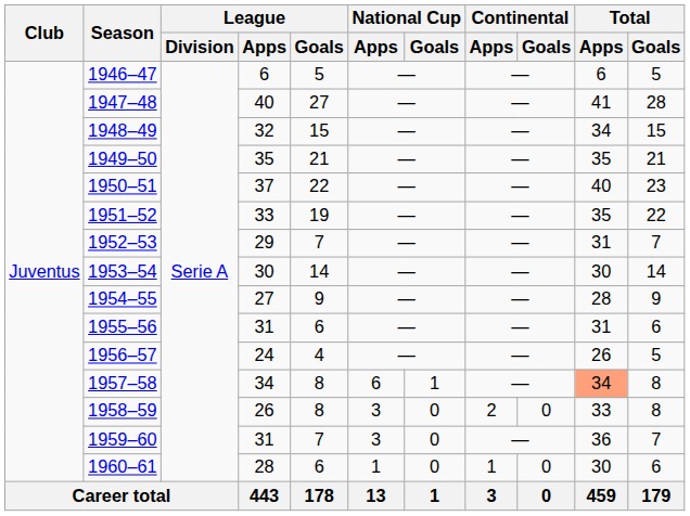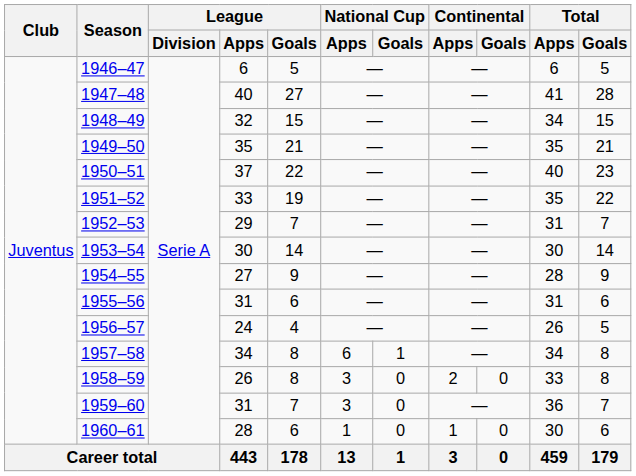 <table class="wikitable" style="text-align:center">
 <tr>
 <th rowspan="2">Club</th>
 <th rowspan="2">Season</th>
 <th colspan="3">League</th>
 <th colspan="2">National Cup</th>
 <th colspan="2">Continental</th>
 <th colspan="2">Total</th>
 </tr>
 <tr>
 <th>Division</th>
 <th>Apps</th>
 <th>Goals</th>
 <th>Apps</th>
 <th>Goals</th>
 <th>Apps</th>
 <th>Goals</th>
 <th>Apps</th>
 <th>Goals</th>
 </tr>
 <tr>
 <td rowspan="15"><a href='#'>Juventus</a></td>
 <td><a href='#'>1946–47</a></td>
 <td rowspan="15"><a href='#'>Serie A</a></td>
 <td>6</td>
 <td>5</td>
 <td colspan="2">—</td>
 <td colspan="2">—</td>
 <td>6</td>
 <td>5</td>
 </tr>
 <tr>
 <td><a href='#'>1947–48</a></td>
 <td>40</td>
 <td>27</td>
 <td colspan="2">—</td>
 <td colspan="2">—</td>
 <td>41</td>
 <td>28</td>
 </tr>
 <tr>
 <td><a href='#'>1948–49</a></td>
 <td>32</td>
 <td>15</td>
 <td colspan="2">—</td>
 <td colspan="2">—</td>
 <td>34</td>
 <td>15</td>
 </tr>
 <tr>
 <td><a href='#'>1949–50</a></td>
 <td>35</td>
 <td>21</td>
 <td colspan="2">—</td>
 <td colspan="2">—</td>
 <td>35</td>
 <td>21</td>
 </tr>
 <tr>
 <td><a href='#'>1950–51</a></td>
 <td>37</td>
 <td>22</td>
 <td colspan="2">—</td>
 <td colspan="2">—</td>
 <td>40</td>
 <td>23</td>
 </tr>
 <tr>
 <td><a href='#'>1951–52</a></td>
 <td>33</td>
 <td>19</td>
 <td colspan="2">—</td>
 <td colspan="2">—</td>
 <td>35</td>
 <td>22</td>
 </tr>
 <tr>
 <td><a href='#'>1952–53</a></td>
 <td>29</td>
 <td>7</td>
 <td colspan="2">—</td>
 <td colspan="2">—</td>
 <td>31</td>
 <td>7</td>
 </tr>
 <tr>
 <td><a href='#'>1953–54</a></td>
 <td>30</td>
 <td>14</td>
 <td colspan="2">—</td>
 <td colspan="2">—</td>
 <td>30</td>
 <td>14</td>
 </tr>
 <tr>
 <td><a href='#'>1954–55</a></td>
 <td>27</td>
 <td>9</td>
 <td colspan="2">—</td>
 <td colspan="2">—</td>
 <td>28</td>
 <td>9</td>
 </tr>
 <tr>
 <td><a href='#'>1955–56</a></td>
 <td>31</td>
 <td>6</td>
 <td colspan="2">—</td>
 <td colspan="2">—</td>
 <td>31</td>
 <td>6</td>
 </tr>
 <tr>
 <td><a href='#'>1956–57</a></td>
 <td>24</td>
 <td>4</td>
 <td colspan="2">—</td>
 <td colspan="2">—</td>
 <td>26</td>
 <td>5</td>
 </tr>
 <tr>
 <td><a href='#'>1957–58</a></td>
 <td>34</td>
 <td>8</td>
 <td>6</td>
 <td>1</td>
 <td colspan="2">—</td>
-<td style="background: lightsalmon;">34</td>
+<td>34</td>
 <td>8</td>
 </tr>
 <tr>
 <td><a href='#'>1958–59</a></td>
 <td>26</td>
 <td>8</td>
 <td>3</td>
 <td>0</td>
 <td>2</td>
 <td>0</td>
 <td>33</td>
 <td>8</td>
 </tr>
 <tr>
 <td><a href='#'>1959–60</a></td>
 <td>31</td>
 <td>7</td>
 <td>3</td>
 <td>0</td>
 <td colspan="2">—</td>
 <td>36</td>
 <td>7</td>
 </tr>
 <tr>
 <td><a href='#'>1960–61</a></td>
 <td>28</td>
 <td>6</td>
 <td>1</td>
 <td>0</td>
 <td>1</td>
 <td>0</td>
 <td>30</td>
 <td>6</td>
 </tr>
 <tr>
 <th colspan="3">Career total</th>
 <th>443</th>
 <th>178</th>
 <th>13</th>
 <th>1</th>
 <th>3</th>
 <th>0</th>
 <th>459</th>
 <th>179</th>
 </tr>
 </table>
